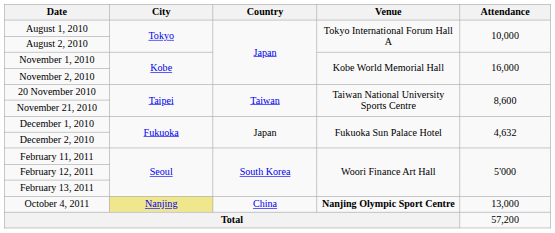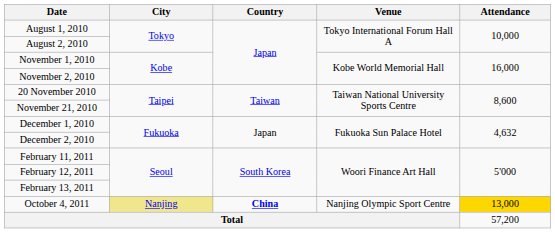 <table class="wikitable" style="text-align:center;">
 <tr>
 <th width="180">Date</th>
 <th width="180">City</th>
 <th width="180">Country</th>
 <th width="250">Venue</th>
 <th width="150">Attendance</th>
 </tr>
 <tr>
 <td>August 1, 2010</td>
 <td rowspan="2"><a href='#'>Tokyo</a></td>
 <td rowspan="4"><a href='#'>Japan</a></td>
 <td rowspan="2">Tokyo International Forum Hall A</td>
 <td rowspan="2">10,000</td>
 </tr>
 <tr>
 <td>August 2, 2010</td>
 </tr>
 <tr>
 <td>November 1, 2010</td>
 <td rowspan="2"><a href='#'>Kobe</a></td>
 <td rowspan="2">Kobe World Memorial Hall</td>
 <td rowspan="2">16,000</td>
 </tr>
 <tr>
 <td>November 2, 2010</td>
 </tr>
 <tr>
 <td>20 November 2010</td>
 <td rowspan="2"><a href='#'>Taipei</a></td>
 <td rowspan="2"><a href='#'>Taiwan</a></td>
 <td rowspan="2">Taiwan National University Sports Centre</td>
 <td rowspan="2">8,600</td>
 </tr>
 <tr>
 <td>November 21, 2010</td>
 </tr>
 <tr>
 <td>December 1, 2010</td>
 <td rowspan="2"><a href='#'>Fukuoka</a></td>
 <td rowspan="2">Japan</td>
 <td rowspan="2">Fukuoka Sun Palace Hotel</td>
 <td rowspan="2">4,632</td>
 </tr>
 <tr>
 <td>December 2, 2010</td>
 </tr>
 <tr>
 <td>February 11, 2011</td>
 <td rowspan="3"><a href='#'>Seoul</a></td>
 <td rowspan="3"><a href='#'>South Korea</a></td>
 <td rowspan="3">Woori Finance Art Hall</td>
 <td rowspan="3">5'000</td>
 </tr>
 <tr>
 <td>February 12, 2011</td>
 </tr>
 <tr>
 <td>February 13, 2011</td>
 </tr>
 <tr>
 <td>October 4, 2011</td>
 <td style="background: khaki;"><a href='#'>Nanjing</a></td>
-<td><a href='#'>China</a></td>
-<td><strong>Nanjing Olympic Sport Centre</strong></td>
-<td>13,000</td>
+<td><strong><a href='#'>China</a></strong></td>
+<td>Nanjing Olympic Sport Centre</td>
+<td style="background: gold;">13,000</td>
 </tr>
 <tr>
 <th colspan="4">Total</th>
 <td>57,200</td>
 </tr>
 </table>
